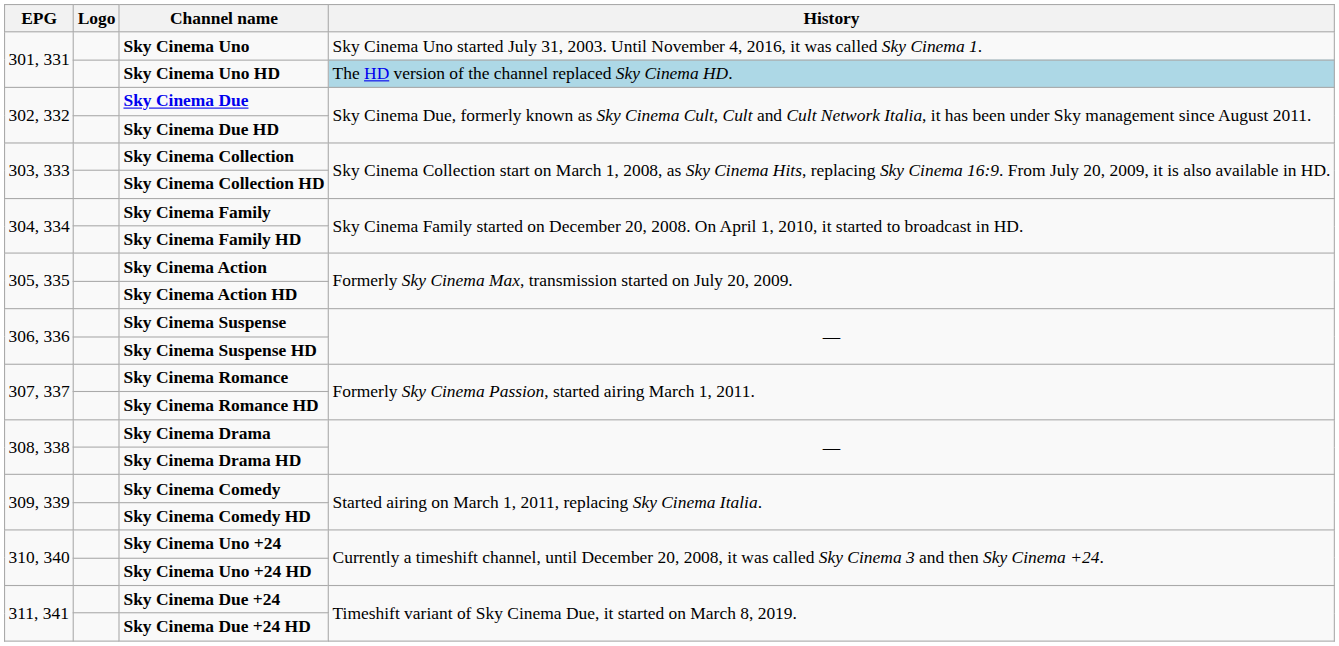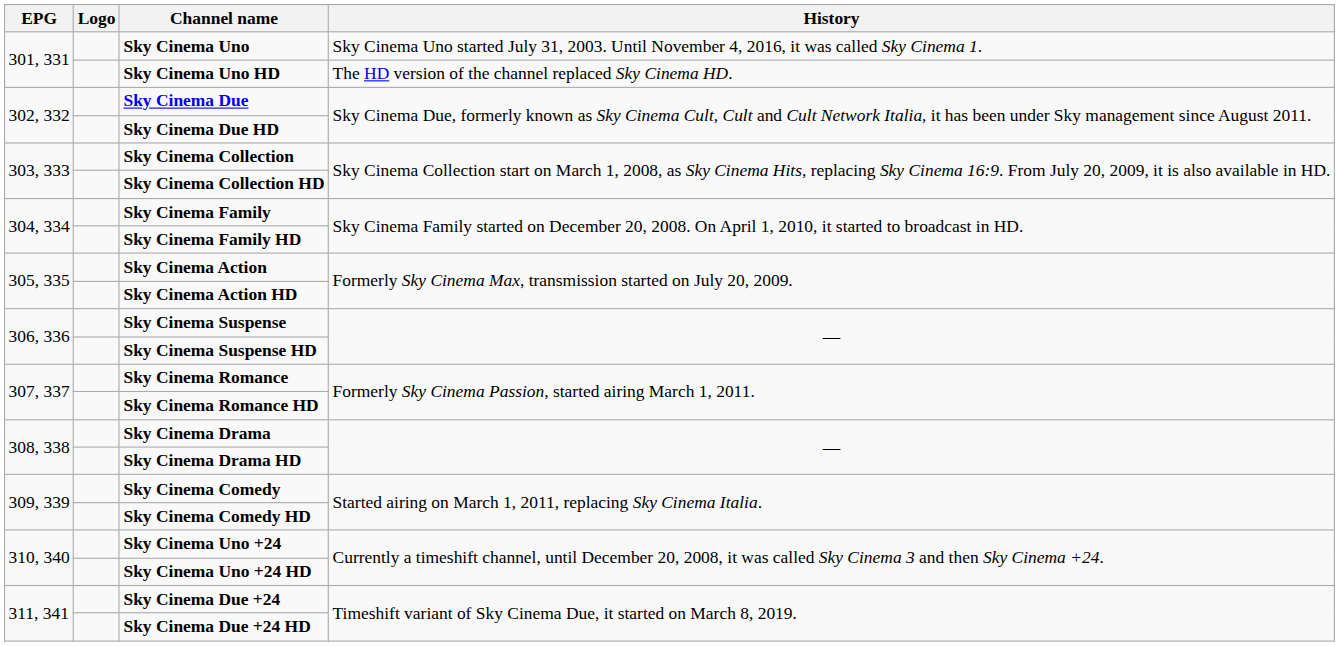 <table class = "wikitable" style = "line-width: 12px">
 <tr>
 <th>EPG</th>
 <th>Logo</th>
 <th>Channel name</th>
 <th>History</th>
 </tr>
 <tr>
 <td rowspan=2>301, 331</td>
 <td></td>
 <td><strong>Sky Cinema Uno</strong></td>
 <td>Sky Cinema Uno started July 31, 2003. Until November 4, 2016, it was called <em>Sky Cinema 1</em>.</td>
 </tr>
 <tr>
 <td></td>
 <td><strong>Sky Cinema Uno HD</strong></td>
-<td style="background: lightblue;">The <a href='#'>HD</a> version of the channel replaced <em>Sky Cinema HD</em>.</td>
+<td>The <a href='#'>HD</a> version of the channel replaced <em>Sky Cinema HD</em>.</td>
 </tr>
 <tr>
 <td rowspan = "2">302, 332</td>
 <td></td>
 <td><strong><a href='#'>Sky Cinema Due</a></strong></td>
 <td rowspan = "2">Sky Cinema Due, formerly known as <em>Sky Cinema Cult</em>, <em>Cult</em> and <em>Cult Network Italia</em>,  it has been under Sky management since August 2011.</td>
 </tr>
 <tr>
 <td></td>
 <td><strong>Sky Cinema Due HD</strong></td>
 </tr>
 <tr>
 <td rowspan = "2">303, 333</td>
 <td></td>
 <td><strong>Sky Cinema Collection</strong></td>
 <td rowspan = "2">Sky Cinema Collection start on March 1, 2008, as <em>Sky Cinema Hits</em>, replacing <em>Sky Cinema 16:9</em>. From July 20, 2009, it is also available in HD.</td>
 </tr>
 <tr>
 <td></td>
 <td><strong>Sky Cinema Collection HD</strong></td>
 </tr>
 <tr>
 <td rowspan = "2">304, 334</td>
 <td></td>
 <td><strong>Sky Cinema Family</strong></td>
 <td rowspan = "2">Sky Cinema Family started on December 20, 2008. On April 1, 2010, it started to broadcast in HD.</td>
 </tr>
 <tr>
 <td></td>
 <td><strong>Sky Cinema Family HD</strong></td>
 </tr>
 <tr>
 <td rowspan = "2">305, 335</td>
 <td></td>
 <td><strong>Sky Cinema Action</strong></td>
 <td rowspan = "2">Formerly <em>Sky Cinema Max</em>, transmission started on July 20, 2009.</td>
 </tr>
 <tr>
 <td></td>
 <td><strong>Sky Cinema Action HD</strong></td>
 </tr>
 <tr>
 <td rowspan = "2">306, 336</td>
 <td></td>
 <td><strong>Sky Cinema Suspense</strong></td>
 <td rowspan = "2" align="center">—</td>
 </tr>
 <tr>
 <td></td>
 <td><strong>Sky Cinema Suspense HD</strong></td>
 </tr>
 <tr>
 <td rowspan = "2">307, 337</td>
 <td></td>
 <td><strong>Sky Cinema Romance</strong></td>
 <td rowspan = "2">Formerly <em>Sky Cinema Passion</em>,  started airing March 1, 2011.</td>
 </tr>
 <tr>
 <td></td>
 <td><strong>Sky Cinema Romance HD</strong></td>
 </tr>
 <tr>
 <td rowspan = "2">308, 338</td>
 <td></td>
 <td><strong>Sky Cinema Drama</strong></td>
 <td rowspan = "2" align="center">—</td>
 </tr>
 <tr>
 <td></td>
 <td><strong>Sky Cinema Drama HD</strong></td>
 </tr>
 <tr>
 <td rowspan = "2">309, 339</td>
 <td></td>
 <td><strong>Sky Cinema Comedy</strong></td>
 <td rowspan = "2">Started airing on March 1, 2011, replacing <em>Sky Cinema Italia</em>.</td>
 </tr>
 <tr>
 <td></td>
 <td><strong>Sky Cinema Comedy HD</strong></td>
 </tr>
 <tr>
 <td rowspan=2>310, 340</td>
 <td></td>
 <td><strong>Sky Cinema Uno +24</strong></td>
 <td rowspan=2>Currently a timeshift channel, until December 20, 2008, it was called <em>Sky Cinema 3</em> and then <em>Sky Cinema +24</em>.</td>
 </tr>
 <tr>
 <td></td>
 <td><strong>Sky Cinema Uno +24 HD</strong></td>
 </tr>
 <tr>
 <td rowspan = "2">311, 341</td>
 <td></td>
 <td><strong>Sky Cinema Due +24</strong></td>
 <td rowspan = "2">Timeshift variant of Sky Cinema Due, it started on March 8, 2019.</td>
 </tr>
 <tr>
 <td></td>
 <td><strong>Sky Cinema Due +24 HD</strong></td>
 </tr>
 </table>
